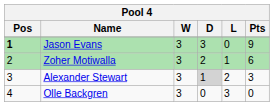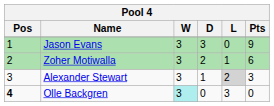 <table class="wikitable">
 <tr>
 <th colspan="6">Pool 4</th>
 </tr>
 <tr>
 <th width=50>Pos</th>
 <th width=200>Name</th>
 <th width=30>W</th>
 <th width=30>D</th>
 <th width=30>L</th>
 <th width=30>Pts</th>
 </tr>
 <tr>
 </tr>
 <tr style="background:#ACE1AF;">
-<td><strong>1</strong></td>
+<td>1</td>
 <td> <a href='#'>Jason Evans</a></td>
 <td>3</td>
 <td>3</td>
 <td>0</td>
 <td>9</td>
 </tr>
 <tr style="background:#ACE1AF;">
 <td>2</td>
 <td> <a href='#'>Zoher Motiwalla</a></td>
 <td>3</td>
 <td>2</td>
 <td>1</td>
 <td>6</td>
 </tr>
 <tr>
 <td>3</td>
 <td> <a href='#'>Alexander Stewart</a></td>
 <td>3</td>
-<td style="background: lightgrey;">1</td>
-<td>2</td>
+<td>1</td>
+<td style="background: lightgrey;">2</td>
 <td>3</td>
 </tr>
 <tr>
-<td>4</td>
+<td><strong>4</strong></td>
 <td> <a href='#'>Olle Backgren</a></td>
-<td>3</td>
+<td style="background: paleturquoise;">3</td>
 <td>0</td>
 <td>3</td>
 <td>0</td>
 </tr>
 </table>
